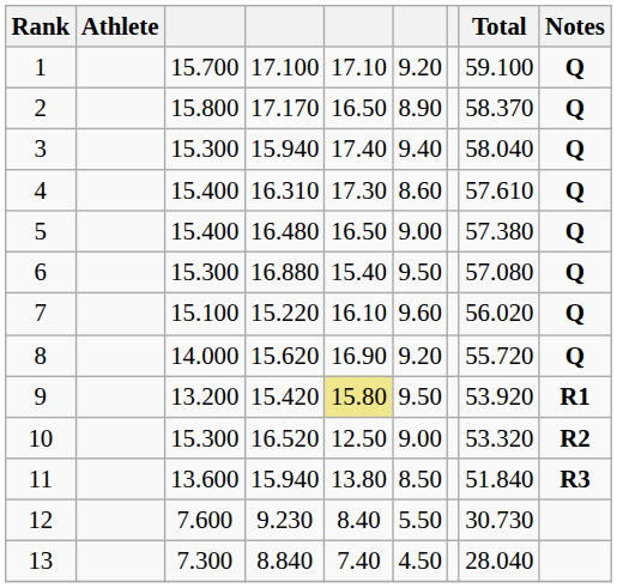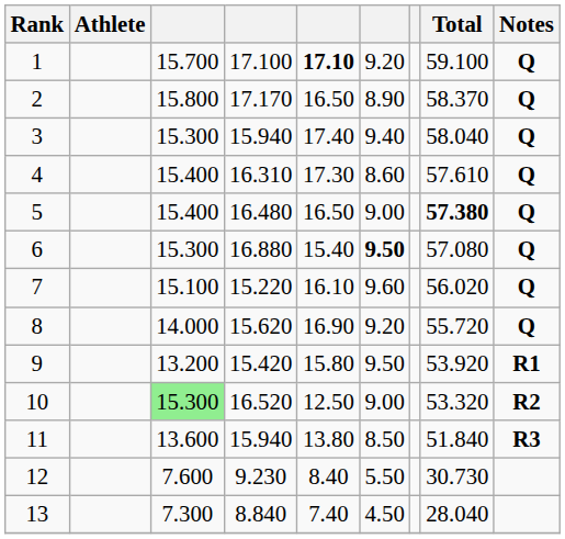 <table class="wikitable sortable" style="text-align:center; font-size:95%">
 <tr>
 <th>Rank</th>
 <th>Athlete</th>
 <th></th>
 <th></th>
 <th></th>
 <th></th>
 <th></th>
 <th>Total</th>
 <th>Notes</th>
 </tr>
 <tr>
 <td>1</td>
 <td align=left></td>
 <td>15.700</td>
 <td>17.100</td>
-<td>17.10</td>
+<td><strong>17.10</strong></td>
 <td>9.20</td>
 <td></td>
 <td>59.100</td>
 <td><strong>Q</strong></td>
 </tr>
 <tr>
 <td>2</td>
 <td align=left></td>
 <td>15.800</td>
 <td>17.170</td>
 <td>16.50</td>
 <td>8.90</td>
 <td></td>
 <td>58.370</td>
 <td><strong>Q</strong></td>
 </tr>
 <tr>
 <td>3</td>
 <td align=left></td>
 <td>15.300</td>
 <td>15.940</td>
 <td>17.40</td>
 <td>9.40</td>
 <td></td>
 <td>58.040</td>
 <td><strong>Q</strong></td>
 </tr>
 <tr>
 <td>4</td>
 <td align=left></td>
 <td>15.400</td>
 <td>16.310</td>
 <td>17.30</td>
 <td>8.60</td>
 <td></td>
 <td>57.610</td>
 <td><strong>Q</strong></td>
 </tr>
 <tr>
 <td>5</td>
 <td align=left></td>
 <td>15.400</td>
 <td>16.480</td>
 <td>16.50</td>
 <td>9.00</td>
 <td></td>
-<td>57.380</td>
+<td><strong>57.380</strong></td>
 <td><strong>Q</strong></td>
 </tr>
 <tr>
 <td>6</td>
 <td align=left></td>
 <td>15.300</td>
 <td>16.880</td>
 <td>15.40</td>
-<td>9.50</td>
+<td><strong>9.50</strong></td>
 <td></td>
 <td>57.080</td>
 <td><strong>Q</strong></td>
 </tr>
 <tr>
 <td>7</td>
 <td align=left></td>
 <td>15.100</td>
 <td>15.220</td>
 <td>16.10</td>
 <td>9.60</td>
 <td></td>
 <td>56.020</td>
 <td><strong>Q</strong></td>
 </tr>
 <tr>
 <td>8</td>
 <td align=left></td>
 <td>14.000</td>
 <td>15.620</td>
 <td>16.90</td>
 <td>9.20</td>
 <td></td>
 <td>55.720</td>
 <td><strong>Q</strong></td>
 </tr>
 <tr>
 <td>9</td>
 <td align=left></td>
 <td>13.200</td>
 <td>15.420</td>
-<td style="background: khaki;">15.80</td>
+<td>15.80</td>
 <td>9.50</td>
 <td></td>
 <td>53.920</td>
 <td><strong>R1</strong></td>
 </tr>
 <tr>
 <td>10</td>
 <td align=left></td>
-<td>15.300</td>
+<td style="background: lightgreen;">15.300</td>
 <td>16.520</td>
 <td>12.50</td>
 <td>9.00</td>
 <td></td>
 <td>53.320</td>
 <td><strong>R2</strong></td>
 </tr>
 <tr>
 <td>11</td>
 <td align=left></td>
 <td>13.600</td>
 <td>15.940</td>
 <td>13.80</td>
 <td>8.50</td>
 <td></td>
 <td>51.840</td>
 <td><strong>R3</strong></td>
 </tr>
 <tr>
 <td>12</td>
 <td align=left></td>
 <td>7.600</td>
 <td>9.230</td>
 <td>8.40</td>
 <td>5.50</td>
 <td></td>
 <td>30.730</td>
 <td></td>
 </tr>
 <tr>
 <td>13</td>
 <td align=left></td>
 <td>7.300</td>
 <td>8.840</td>
 <td>7.40</td>
 <td>4.50</td>
 <td></td>
 <td>28.040</td>
 <td></td>
 </tr>
 <tr>
 </tr>
 </table>
